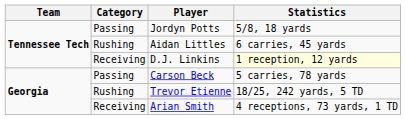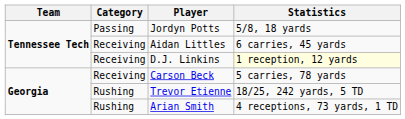 <table class="wikitable" style="float: right;">
 <tr>
 <th>Team</th>
 <th>Category</th>
 <th>Player</th>
 <th>Statistics</th>
 </tr>
 <tr>
 <td rowspan=3><strong>Tennessee Tech</strong></td>
 <td>Passing</td>
 <td>Jordyn Potts</td>
 <td>5/8, 18 yards</td>
 </tr>
 <tr>
-<td>Rushing</td>
+<td>Receiving</td>
 <td>Aidan Littles</td>
 <td>6 carries, 45 yards</td>
 </tr>
 <tr>
 <td>Receiving</td>
 <td>D.J. Linkins</td>
 <td style="background: lightyellow;">1 reception, 12 yards</td>
 </tr>
 <tr>
 <td rowspan=3><strong>Georgia</strong></td>
-<td>Passing</td>
+<td>Receiving</td>
 <td><a href='#'>Carson Beck</a></td>
 <td>5 carries, 78 yards</td>
 </tr>
 <tr>
 <td>Rushing</td>
 <td><a href='#'>Trevor Etienne</a></td>
 <td>18/25, 242 yards, 5 TD</td>
 </tr>
 <tr>
-<td>Receiving</td>
+<td>Rushing</td>
 <td><a href='#'>Arian Smith</a></td>
 <td>4 receptions, 73 yards, 1 TD</td>
 </tr>
 </table>
